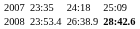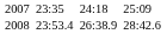 <table>
 <tr>
 <td>2007</td>
 <td></td>
 <td>23:35</td>
 <td></td>
 <td>24:18</td>
 <td></td>
 <td>25:09</td>
 </tr>
 <tr>
 <td>2008</td>
 <td></td>
 <td>23:53.4</td>
 <td></td>
 <td>26:38.9</td>
 <td></td>
-<td><strong>28:42.6</strong></td>
+<td>28:42.6</td>
 </tr>
 </table>
